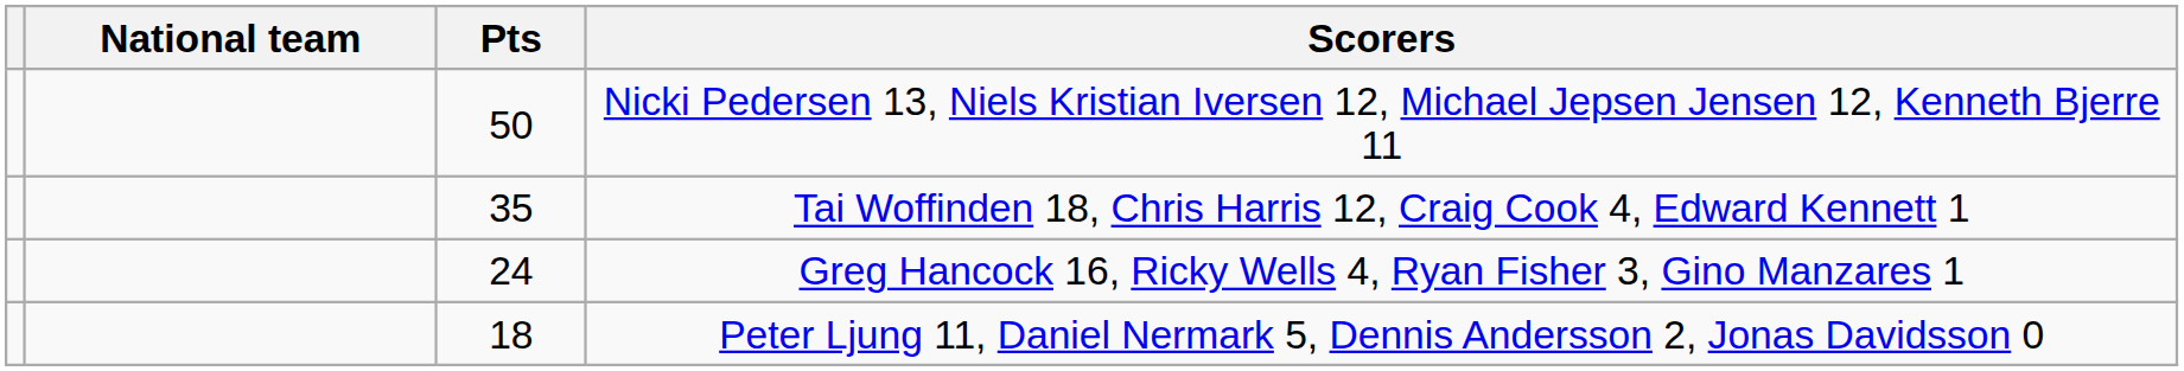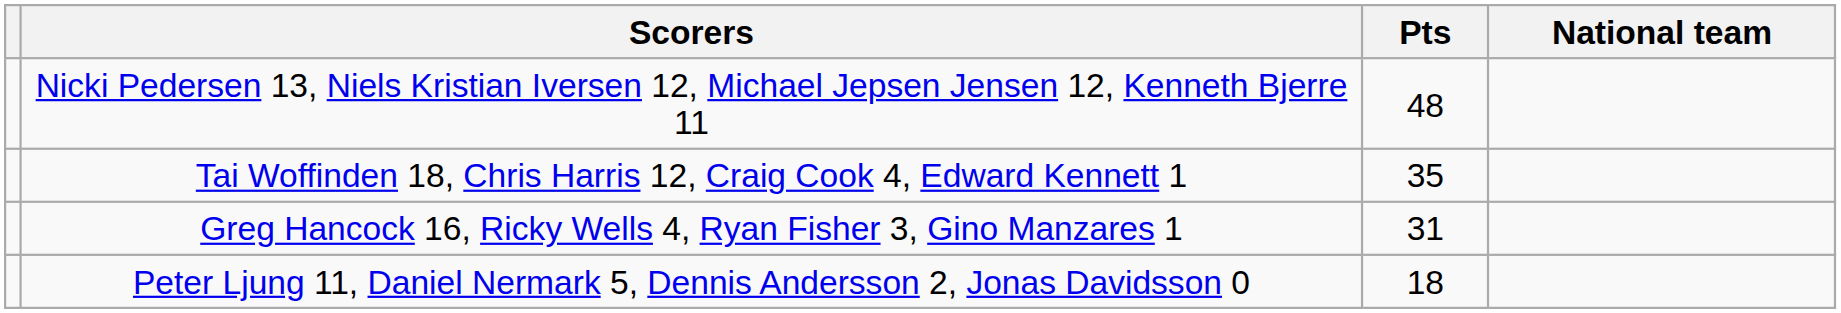 <table class=wikitable style="font-size: 95%">
 <tr>
 <th></th>
+<th width=600>Scorers</th>
+<th width=50>Pts</th>
 <th width=150>National team</th>
-<th width=50>Pts</th>
-<th width=600>Scorers</th>
 </tr>
 <tr align=center >
 <td></td>
+<td><a href='#'>Nicki Pedersen</a> 13, <a href='#'>Niels Kristian Iversen</a> 12, <a href='#'>Michael Jepsen Jensen</a> 12, <a href='#'>Kenneth Bjerre</a> 11</td>
+<td>48</td>
 <td align=left></td>
-<td>50</td>
-<td><a href='#'>Nicki Pedersen</a> 13, <a href='#'>Niels Kristian Iversen</a> 12, <a href='#'>Michael Jepsen Jensen</a> 12, <a href='#'>Kenneth Bjerre</a> 11</td>
 </tr>
 <tr align=center>
 <td></td>
+<td><a href='#'>Tai Woffinden</a> 18, <a href='#'>Chris Harris</a> 12, <a href='#'>Craig Cook</a> 4, <a href='#'>Edward Kennett</a> 1</td>
+<td>35</td>
 <td align=left></td>
-<td>35</td>
-<td><a href='#'>Tai Woffinden</a> 18, <a href='#'>Chris Harris</a> 12, <a href='#'>Craig Cook</a> 4, <a href='#'>Edward Kennett</a> 1</td>
 </tr>
 <tr align=center>
 <td></td>
+<td><a href='#'>Greg Hancock</a> 16, <a href='#'>Ricky Wells</a> 4, <a href='#'>Ryan Fisher</a> 3, <a href='#'>Gino Manzares</a> 1</td>
+<td>31</td>
 <td align=left></td>
-<td>24</td>
-<td><a href='#'>Greg Hancock</a> 16, <a href='#'>Ricky Wells</a> 4, <a href='#'>Ryan Fisher</a> 3, <a href='#'>Gino Manzares</a> 1</td>
 </tr>
 <tr align=center>
 <td></td>
+<td><a href='#'>Peter Ljung</a> 11, <a href='#'>Daniel Nermark</a> 5, <a href='#'>Dennis Andersson</a> 2, <a href='#'>Jonas Davidsson</a> 0</td>
+<td>18</td>
 <td align=left></td>
-<td>18</td>
-<td><a href='#'>Peter Ljung</a> 11, <a href='#'>Daniel Nermark</a> 5, <a href='#'>Dennis Andersson</a> 2, <a href='#'>Jonas Davidsson</a> 0</td>
 </tr>
 </table>
